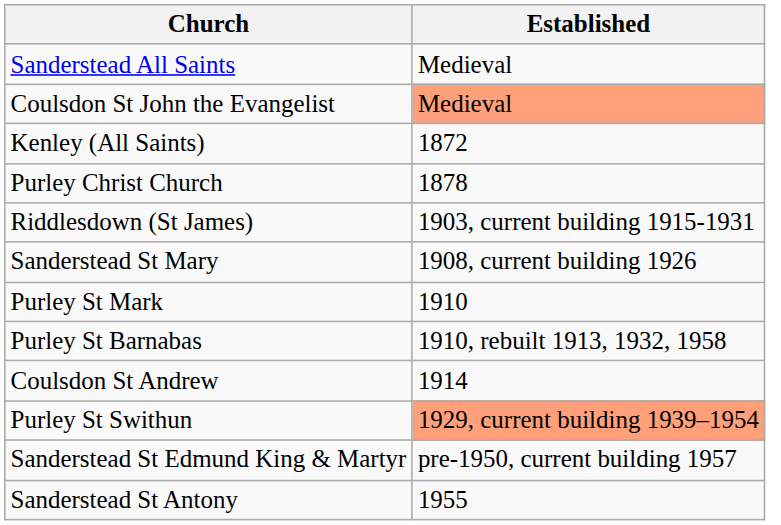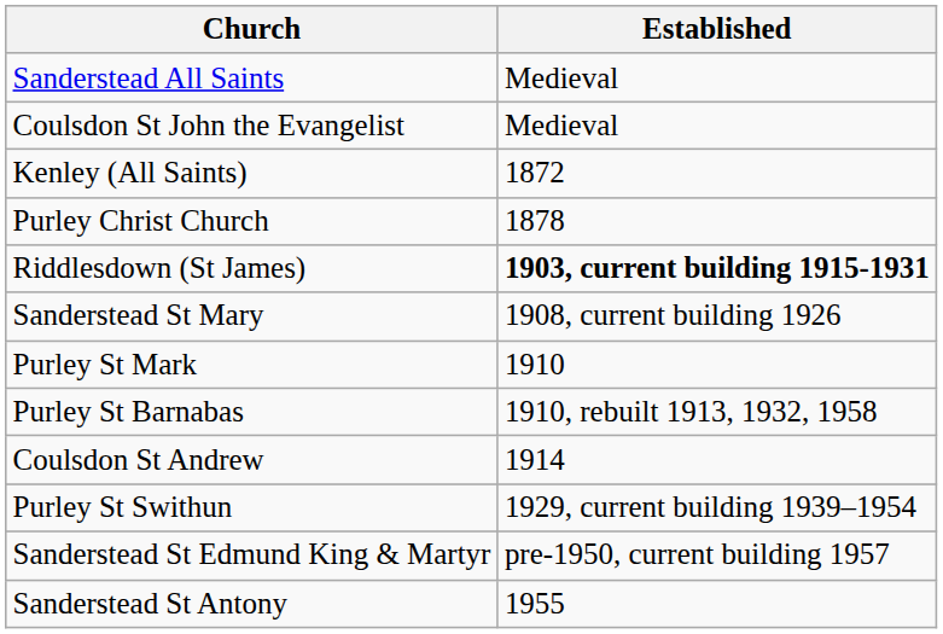 <table class="wikitable">
 <tr>
 <th>Church</th>
 <th>Established</th>
 </tr>
 <tr>
 <td><a href='#'>Sanderstead All Saints</a></td>
 <td>Medieval</td>
 </tr>
 <tr>
 <td>Coulsdon St John the Evangelist</td>
-<td style="background: lightsalmon;">Medieval</td>
+<td>Medieval</td>
 </tr>
 <tr>
 <td>Kenley (All Saints)</td>
 <td>1872</td>
 </tr>
 <tr>
 <td>Purley Christ Church</td>
 <td>1878</td>
 </tr>
 <tr>
 <td>Riddlesdown (St James)</td>
-<td>1903, current building 1915-1931</td>
+<td><strong>1903, current building 1915-1931</strong></td>
 </tr>
 <tr>
 <td>Sanderstead St Mary</td>
 <td>1908, current building 1926</td>
 </tr>
 <tr>
 <td>Purley St Mark</td>
 <td>1910</td>
 </tr>
 <tr>
 <td>Purley St Barnabas</td>
 <td>1910, rebuilt 1913, 1932, 1958</td>
 </tr>
 <tr>
 <td>Coulsdon St Andrew</td>
 <td>1914</td>
 </tr>
 <tr>
 <td>Purley St Swithun</td>
-<td style="background: lightsalmon;">1929, current building 1939–1954</td>
+<td>1929, current building 1939–1954</td>
 </tr>
 <tr>
 <td>Sanderstead St Edmund King & Martyr</td>
 <td>pre-1950, current building 1957</td>
 </tr>
 <tr>
 <td>Sanderstead St Antony</td>
 <td>1955</td>
 </tr>
 </table>
